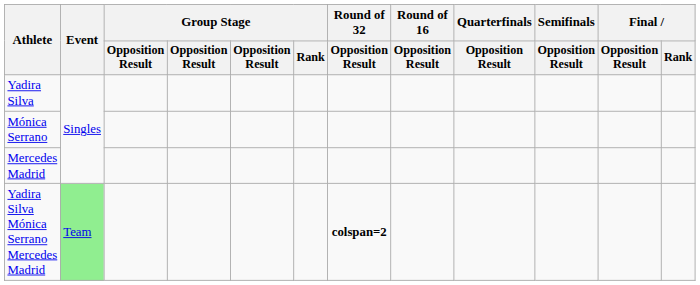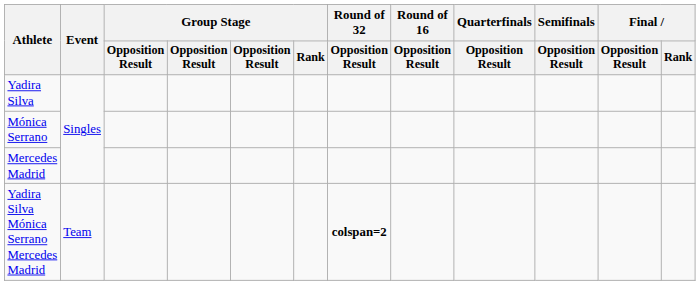 <table class="wikitable" style="font-size:90%">
 <tr>
 <th rowspan=2>Athlete</th>
 <th rowspan=2>Event</th>
 <th colspan=4>Group Stage</th>
 <th>Round of 32</th>
 <th>Round of 16</th>
 <th>Quarterfinals</th>
 <th>Semifinals</th>
 <th colspan=2>Final / </th>
 </tr>
 <tr style="font-size:95%">
 <th>Opposition<br>Result</th>
 <th>Opposition<br>Result</th>
 <th>Opposition<br>Result</th>
 <th>Rank</th>
 <th>Opposition<br>Result</th>
 <th>Opposition<br>Result</th>
 <th>Opposition<br>Result</th>
 <th>Opposition<br>Result</th>
 <th>Opposition<br>Result</th>
 <th>Rank</th>
 </tr>
 <tr align=center>
 <td align=left><a href='#'>Yadira Silva</a></td>
 <td align=left rowspan=3><a href='#'>Singles</a></td>
 <td></td>
 <td></td>
 <td></td>
 <td></td>
 <td></td>
 <td></td>
 <td></td>
 <td></td>
 <td></td>
 <td></td>
 </tr>
 <tr align=center>
 <td align=left><a href='#'>Mónica Serrano</a></td>
 <td></td>
 <td></td>
 <td></td>
 <td></td>
 <td></td>
 <td></td>
 <td></td>
 <td></td>
 <td></td>
 <td></td>
 </tr>
 <tr align=center>
 <td align=left><a href='#'>Mercedes Madrid</a></td>
 <td></td>
 <td></td>
 <td></td>
 <td></td>
 <td></td>
 <td></td>
 <td></td>
 <td></td>
 <td></td>
 <td></td>
 </tr>
 <tr align=center>
 <td align=left><a href='#'>Yadira Silva</a><br><a href='#'>Mónica Serrano</a><br><a href='#'>Mercedes Madrid</a></td>
-<td align=left style="background: lightgreen;"><a href='#'>Team</a></td>
+<td align=left><a href='#'>Team</a></td>
 <td></td>
 <td></td>
 <td></td>
 <td></td>
 <td><strong>colspan=2 </strong></td>
 <td></td>
 <td></td>
 <td></td>
 <td></td>
 </tr>
 </table>
